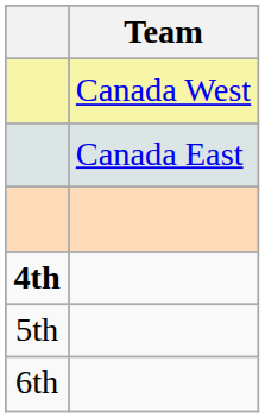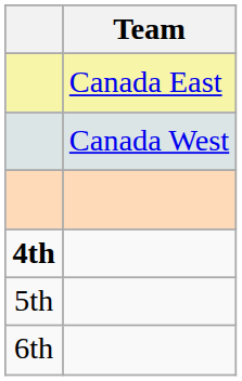 <table class="wikitable" style="text-align:center">
 <tr>
 <th width=15></th>
 <th>Team</th>
 </tr>
 <tr bgcolor="#F7F6A8">
 <td align="center" style="height:23px"></td>
-<td align=left> <a href='#'>Canada West</a></td>
+<td align=left> <a href='#'>Canada East</a></td>
 </tr>
 <tr bgcolor="#DCE5E5">
 <td align="center" style="height:23px"></td>
-<td align=left> <a href='#'>Canada East</a></td>
+<td align=left> <a href='#'>Canada West</a></td>
 </tr>
 <tr bgcolor="#FFDAB9">
 <td align="center" style="height:23px"></td>
 <td align=left></td>
 </tr>
 <tr>
 <td><strong>4th</strong></td>
 <td align=left></td>
 </tr>
 <tr>
 <td>5th</td>
 <td align=left></td>
 </tr>
 <tr>
 <td>6th</td>
 <td align=left></td>
 </tr>
 </table>
